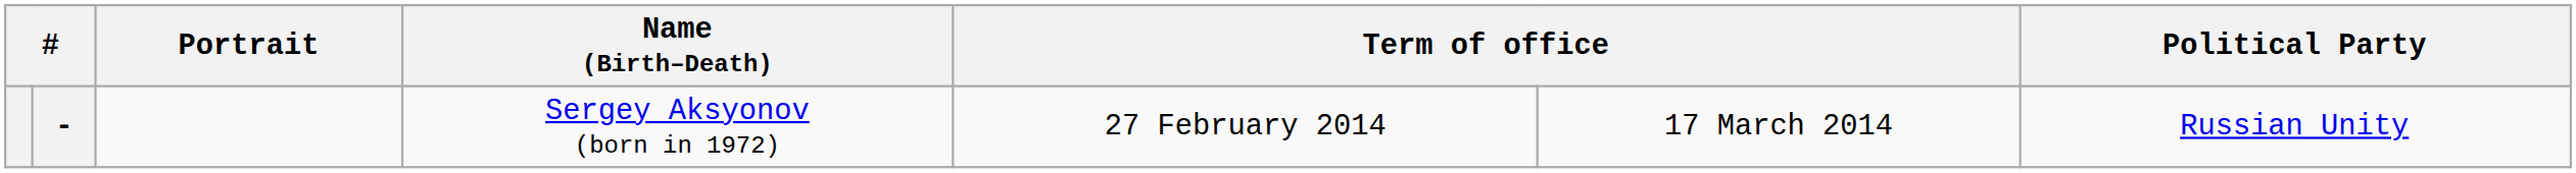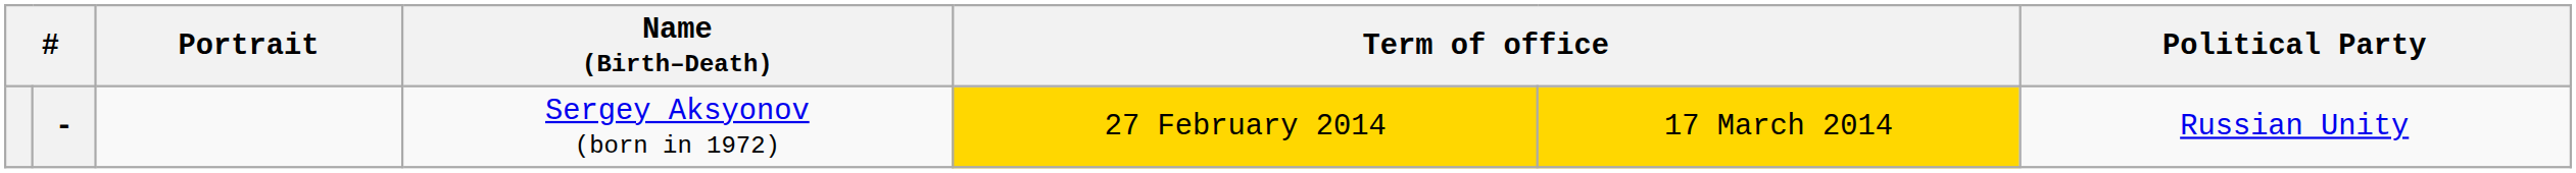 <table class="wikitable" style="width:90%; text-align:center;">
 <tr>
 <th colspan="2">#</th>
 <th>Portrait</th>
 <th>Name<br><small>(Birth–Death)</small></th>
 <th colspan="2">Term of office</th>
 <th>Political Party</th>
 </tr>
 <tr>
 <th style="background:"></th>
 <th>-</th>
 <td></td>
 <td><a href='#'>Sergey Aksyonov</a><br><small>(born in 1972)</small></td>
-<td>27 February 2014</td>
-<td>17 March 2014</td>
+<td style="background: gold;">27 February 2014</td>
+<td style="background: gold;">17 March 2014</td>
 <td><a href='#'>Russian Unity</a></td>
 </tr>
 </table>
